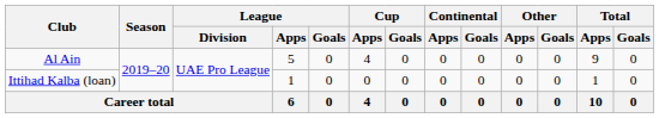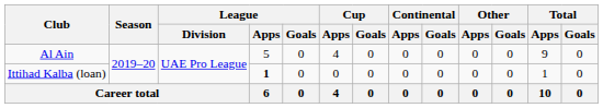 <table class="wikitable" style="text-align: center">
 <tr>
 <th rowspan="2">Club</th>
 <th rowspan="2">Season</th>
 <th colspan="3">League</th>
 <th colspan="2">Cup</th>
 <th colspan="2">Continental</th>
 <th colspan="2">Other</th>
 <th colspan="2">Total</th>
 </tr>
 <tr>
 <th>Division</th>
 <th>Apps</th>
 <th>Goals</th>
 <th>Apps</th>
 <th>Goals</th>
 <th>Apps</th>
 <th>Goals</th>
 <th>Apps</th>
 <th>Goals</th>
 <th>Apps</th>
 <th>Goals</th>
 </tr>
 <tr>
 <td><a href='#'>Al Ain</a></td>
 <td rowspan="2"><a href='#'>2019–20</a></td>
 <td rowspan="2"><a href='#'>UAE Pro League</a></td>
 <td>5</td>
 <td>0</td>
 <td>4</td>
 <td>0</td>
 <td>0</td>
 <td>0</td>
 <td>0</td>
 <td>0</td>
 <td>9</td>
 <td>0</td>
 </tr>
 <tr>
 <td><a href='#'>Ittihad Kalba</a> (loan)</td>
-<td>1</td>
+<td><strong>1</strong></td>
 <td>0</td>
 <td>0</td>
 <td>0</td>
 <td>0</td>
 <td>0</td>
 <td>0</td>
 <td>0</td>
 <td>1</td>
 <td>0</td>
 </tr>
 <tr>
 <th colspan="3"><strong>Career total</strong></th>
 <th>6</th>
 <th>0</th>
 <th>4</th>
 <th>0</th>
 <th>0</th>
 <th>0</th>
 <th>0</th>
 <th>0</th>
 <th>10</th>
 <th>0</th>
 </tr>
 </table>
